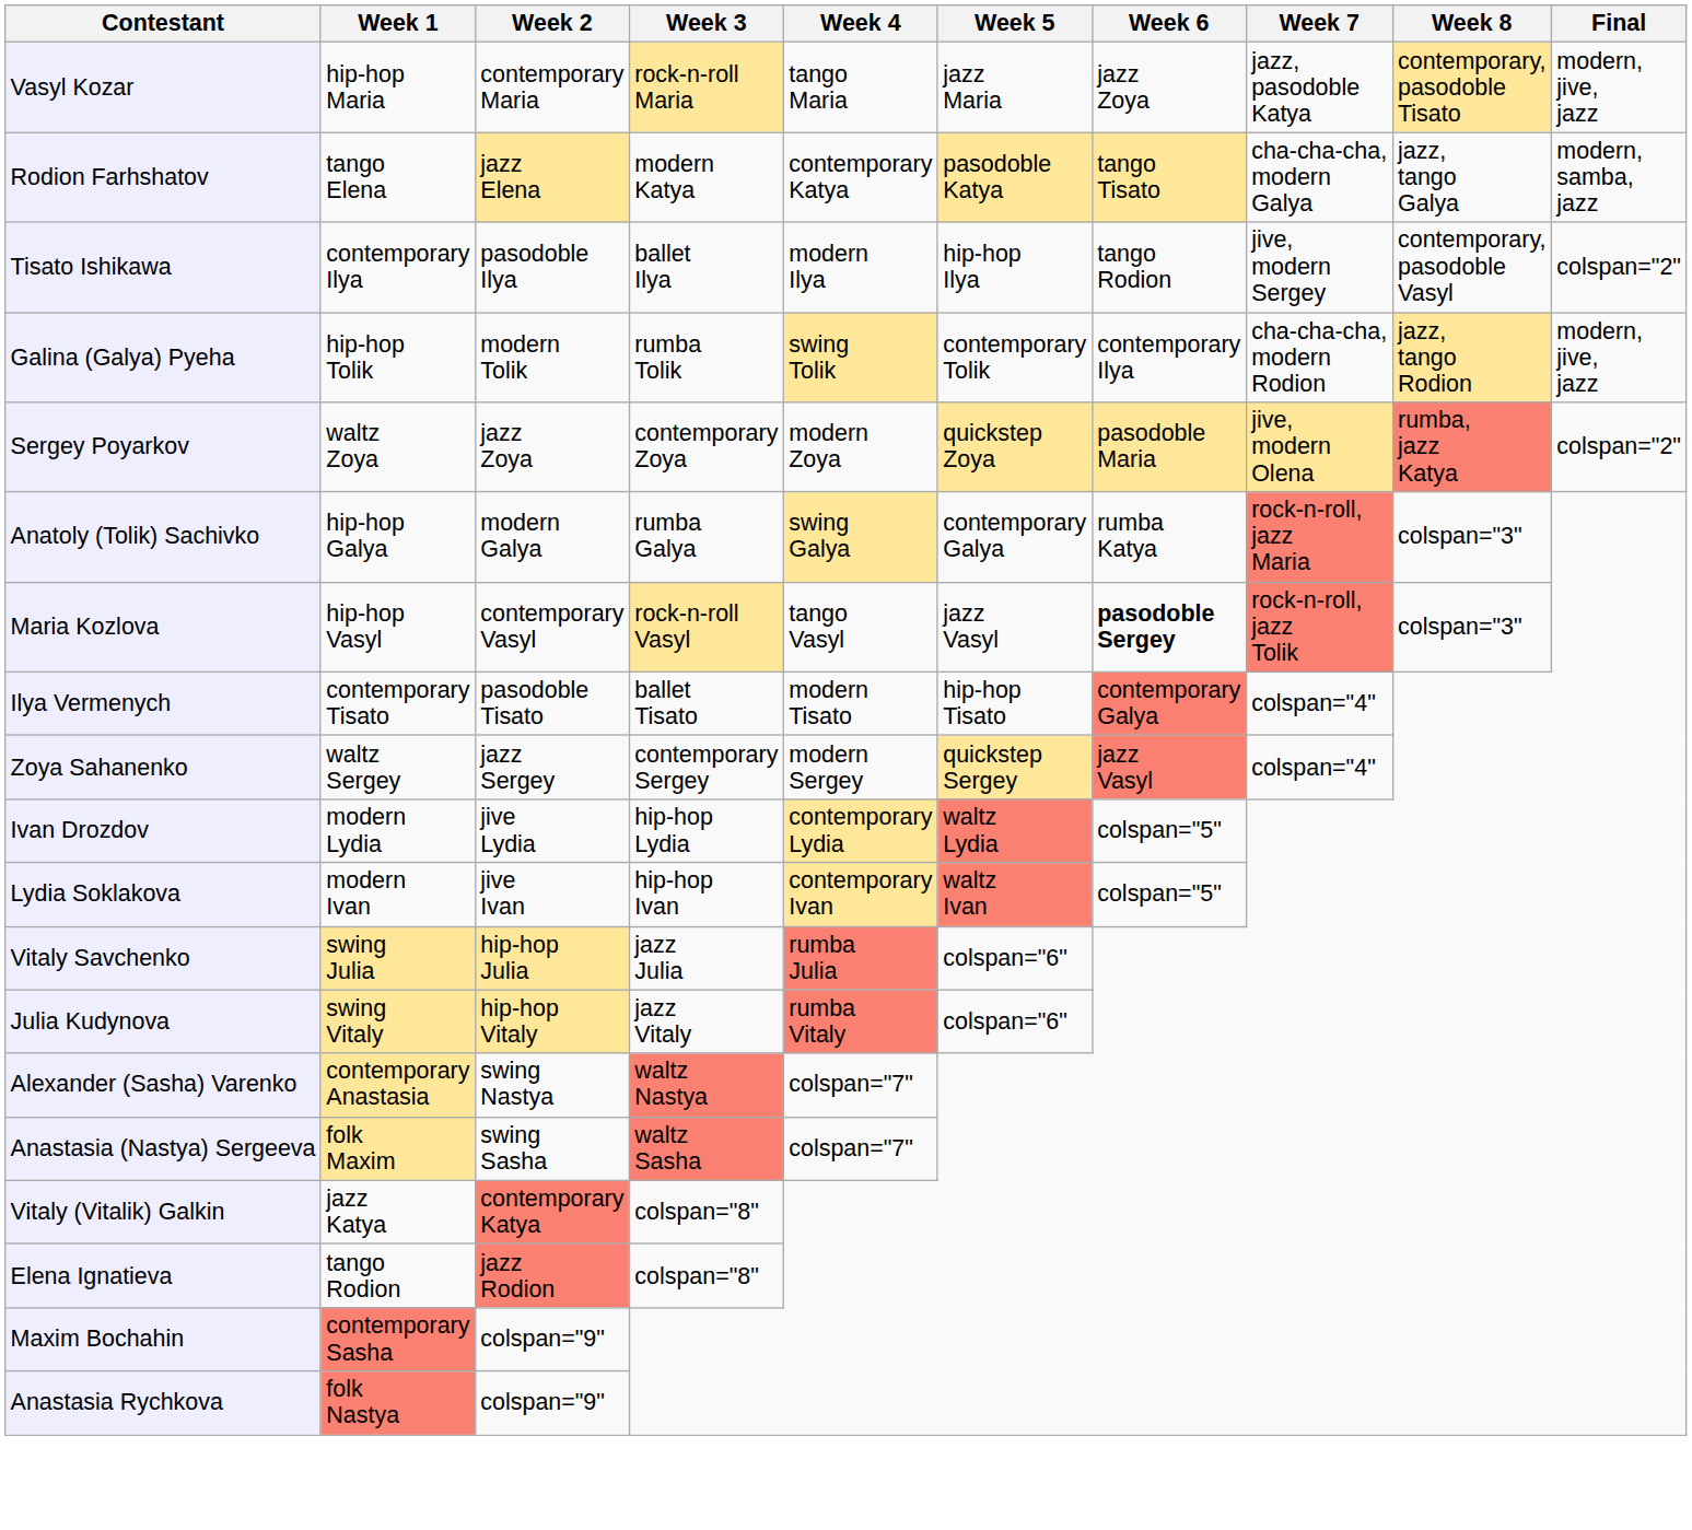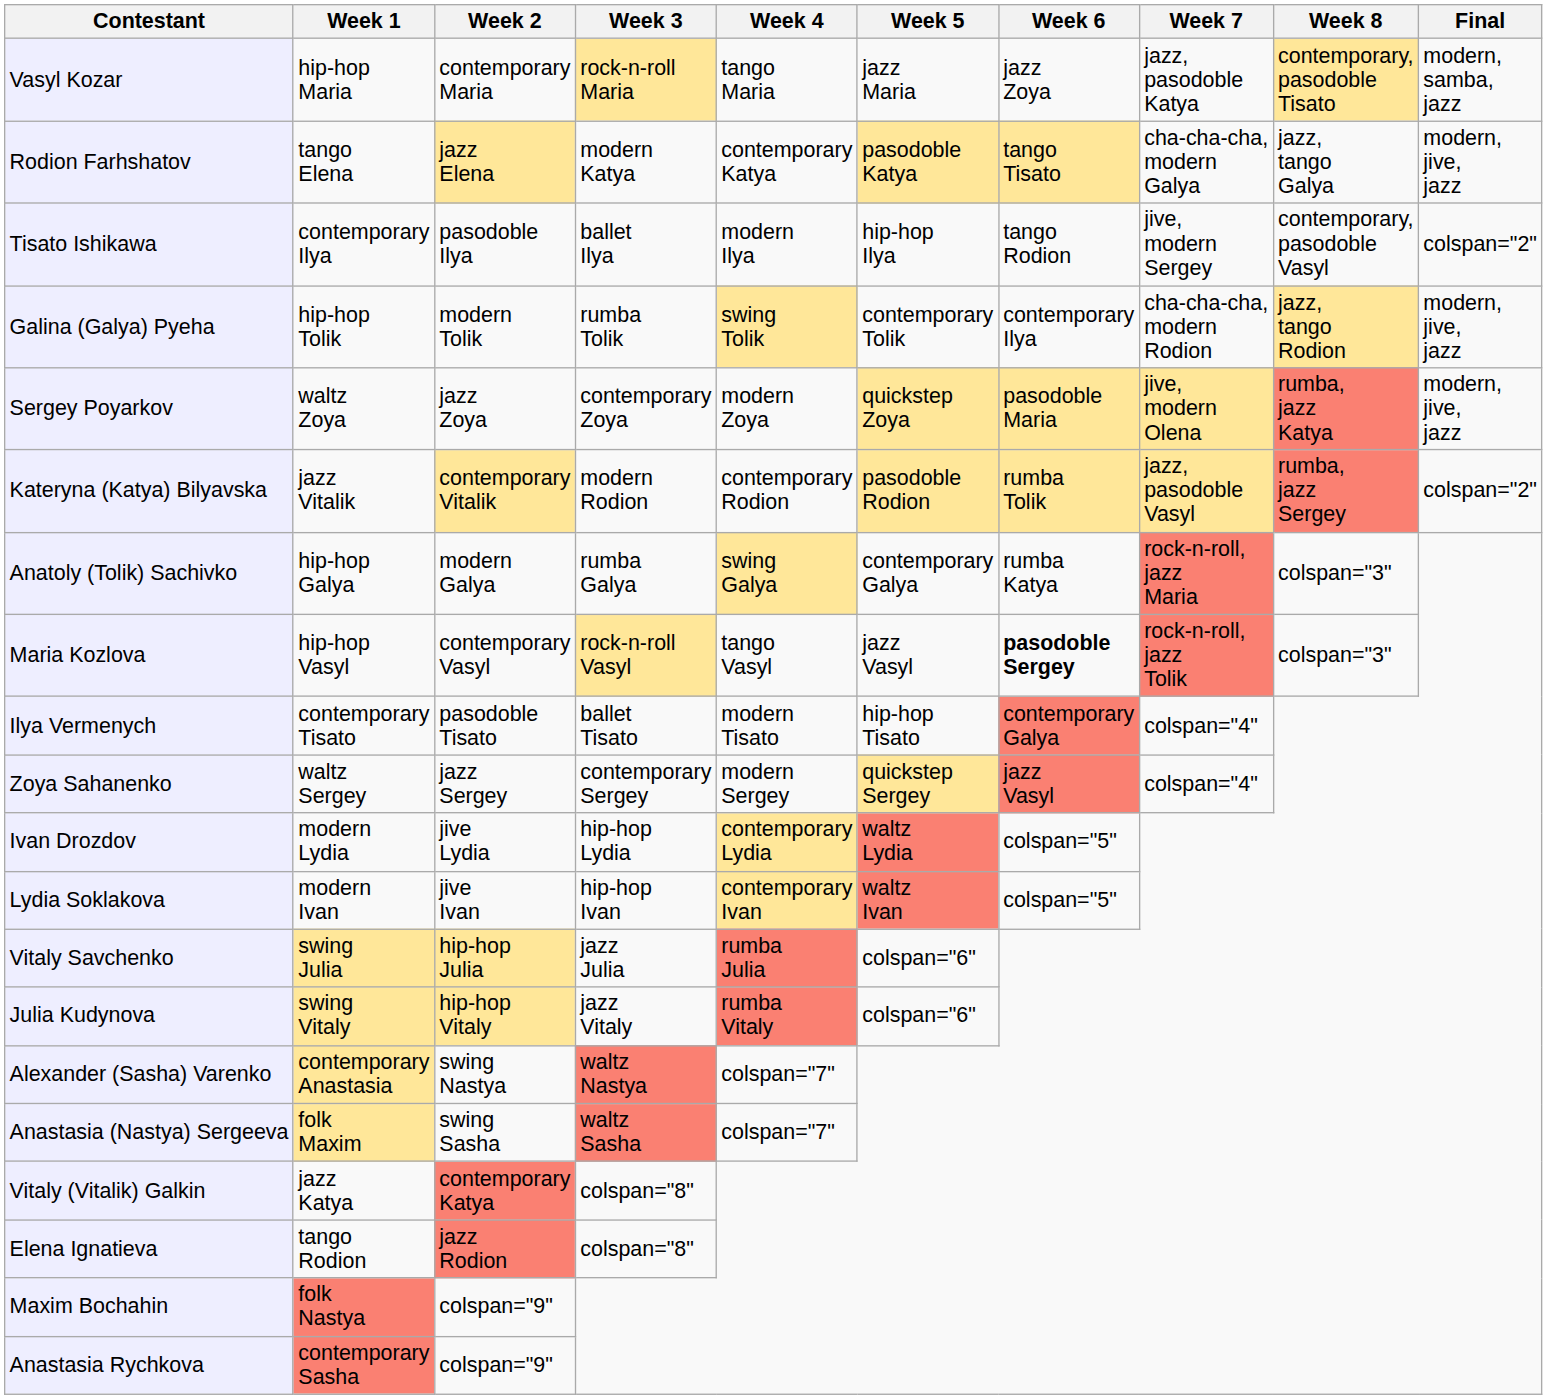 <table class="wikitable">
 <tr>
 <th>Contestant</th>
 <th>Week 1</th>
 <th>Week 2</th>
 <th>Week 3</th>
 <th>Week 4</th>
 <th>Week 5</th>
 <th>Week 6</th>
 <th>Week 7</th>
 <th>Week 8</th>
 <th>Final</th>
 </tr>
 <tr>
 <td bgcolor="#eeeeff">Vasyl Kozar</td>
 <td>hip-hop <br> Maria</td>
 <td>contemporary <br> Maria</td>
 <td bgcolor=#FFE799>rock-n-roll <br> Maria</td>
 <td>tango <br> Maria</td>
 <td>jazz <br> Maria</td>
 <td>jazz <br> Zoya</td>
 <td>jazz, <br> pasodoble <br> Katya</td>
 <td bgcolor=#FFE799>contemporary, <br> pasodoble <br> Tisato</td>
-<td>modern, <br> jive, <br> jazz</td>
+<td>modern, <br> samba, <br> jazz</td>
 </tr>
 <tr>
 <td bgcolor="#eeeeff">Rodion Farhshatov</td>
 <td>tango <br> Elena</td>
 <td bgcolor=#FFE799>jazz <br> Elena</td>
 <td>modern <br> Katya</td>
 <td>contemporary <br> Katya</td>
 <td bgcolor=#FFE799>pasodoble <br> Katya</td>
 <td bgcolor=#FFE799>tango <br> Tisato</td>
 <td>cha-cha-cha, <br> modern <br> Galya</td>
 <td>jazz, <br> tango <br> Galya</td>
-<td>modern, <br> samba, <br> jazz</td>
+<td>modern, <br> jive, <br> jazz</td>
 </tr>
 <tr>
 <td bgcolor="#eeeeff">Tisato Ishikawa</td>
 <td>contemporary <br> Ilya</td>
 <td>pasodoble <br> Ilya</td>
 <td>ballet <br> Ilya</td>
 <td>modern <br> Ilya</td>
 <td>hip-hop <br> Ilya</td>
 <td>tango <br> Rodion</td>
 <td>jive, <br> modern <br> Sergey</td>
 <td>contemporary, <br> pasodoble <br> Vasyl</td>
 <td>colspan="2" </td>
 </tr>
 <tr>
 <td bgcolor="#eeeeff">Galina (Galya) Pyeha</td>
 <td>hip-hop <br> Tolik</td>
 <td>modern <br> Tolik</td>
 <td>rumba <br> Tolik</td>
 <td bgcolor=#FFE799>swing <br> Tolik</td>
 <td>contemporary <br> Tolik</td>
 <td>contemporary <br> Ilya</td>
 <td>cha-cha-cha, <br> modern <br> Rodion</td>
 <td bgcolor=#FFE799>jazz, <br> tango <br> Rodion</td>
 <td>modern, <br> jive, <br> jazz</td>
 </tr>
 <tr>
 <td bgcolor="#eeeeff">Sergey Poyarkov</td>
 <td>waltz <br> Zoya</td>
 <td>jazz <br> Zoya</td>
 <td>contemporary <br> Zoya</td>
 <td>modern <br> Zoya</td>
 <td bgcolor=#FFE799>quickstep <br> Zoya</td>
 <td bgcolor=#FFE799>pasodoble <br> Maria</td>
 <td bgcolor=#FFE799>jive, <br> modern <br> Olena</td>
 <td bgcolor=#FA8072>rumba, <br> jazz <br> Katya</td>
+<td>modern, <br> jive, <br> jazz</td>
+</tr>
+<tr>
+<td bgcolor="#eeeeff">Kateryna (Katya) Bilyavska</td>
+<td>jazz <br> Vitalik</td>
+<td bgcolor=#FFE799>contemporary <br> Vitalik</td>
+<td>modern <br> Rodion</td>
+<td>contemporary <br> Rodion</td>
+<td bgcolor=#FFE799>pasodoble <br> Rodion</td>
+<td bgcolor=#FFE799>rumba <br> Tolik</td>
+<td bgcolor=#FFE799>jazz, <br> pasodoble <br> Vasyl</td>
+<td bgcolor=#FA8072>rumba, <br> jazz <br> Sergey</td>
 <td>colspan="2" </td>
 </tr>
 <tr>
 <td bgcolor="#eeeeff">Anatoly (Tolik) Sachivko</td>
 <td>hip-hop <br> Galya</td>
 <td>modern <br> Galya</td>
 <td>rumba <br> Galya</td>
 <td bgcolor=#FFE799>swing <br> Galya</td>
 <td>contemporary <br> Galya</td>
 <td>rumba <br> Katya</td>
 <td bgcolor=#FA8072>rock-n-roll, <br> jazz <br> Maria</td>
 <td>colspan="3" </td>
 </tr>
 <tr>
 <td bgcolor="#eeeeff">Maria Kozlova</td>
 <td>hip-hop <br> Vasyl</td>
 <td>contemporary <br> Vasyl</td>
 <td bgcolor=#FFE799>rock-n-roll <br> Vasyl</td>
 <td>tango <br> Vasyl</td>
 <td>jazz <br> Vasyl</td>
 <td><strong>pasodoble <br> Sergey</strong></td>
 <td bgcolor=#FA8072>rock-n-roll, <br> jazz <br> Tolik</td>
 <td>colspan="3" </td>
 </tr>
 <tr>
 <td bgcolor="#eeeeff">Ilya Vermenych</td>
 <td>contemporary <br> Tisato</td>
 <td>pasodoble <br> Tisato</td>
 <td>ballet <br> Tisato</td>
 <td>modern <br> Tisato</td>
 <td>hip-hop <br> Tisato</td>
 <td bgcolor=#FA8072>contemporary <br> Galya</td>
 <td>colspan="4" </td>
 </tr>
 <tr>
 <td bgcolor="#eeeeff">Zoya Sahanenko</td>
 <td>waltz <br> Sergey</td>
 <td>jazz <br> Sergey</td>
 <td>contemporary <br> Sergey</td>
 <td>modern <br> Sergey</td>
 <td bgcolor=#FFE799>quickstep <br> Sergey</td>
 <td bgcolor=#FA8072>jazz <br> Vasyl</td>
 <td>colspan="4" </td>
 </tr>
 <tr>
 <td bgcolor="#eeeeff">Ivan Drozdov</td>
 <td>modern <br> Lydia</td>
 <td>jive <br> Lydia</td>
 <td>hip-hop <br> Lydia</td>
 <td bgcolor=#FFE799>contemporary <br> Lydia</td>
 <td bgcolor=#FA8072>waltz <br> Lydia</td>
 <td>colspan="5" </td>
 </tr>
 <tr>
 <td bgcolor="#eeeeff">Lydia Soklakova</td>
 <td>modern <br> Ivan</td>
 <td>jive <br> Ivan</td>
 <td>hip-hop <br> Ivan</td>
 <td bgcolor=#FFE799>contemporary <br> Ivan</td>
 <td bgcolor=#FA8072>waltz <br> Ivan</td>
 <td>colspan="5" </td>
 </tr>
 <tr>
 <td bgcolor="#eeeeff">Vitaly Savchenko</td>
 <td bgcolor=#FFE799>swing <br> Julia</td>
 <td bgcolor=#FFE799>hip-hop <br> Julia</td>
 <td>jazz <br> Julia</td>
 <td bgcolor=#FA8072>rumba <br> Julia</td>
 <td>colspan="6" </td>
 </tr>
 <tr>
 <td bgcolor="#eeeeff">Julia Kudynova</td>
 <td bgcolor=#FFE799>swing <br> Vitaly</td>
 <td bgcolor=#FFE799>hip-hop <br> Vitaly</td>
 <td>jazz <br> Vitaly</td>
 <td bgcolor=#FA8072>rumba <br> Vitaly</td>
 <td>colspan="6" </td>
 </tr>
 <tr>
 <td bgcolor="#eeeeff">Alexander (Sasha) Varenko</td>
 <td bgcolor=#FFE799>contemporary <br> Anastasia</td>
 <td>swing <br> Nastya</td>
 <td bgcolor=#FA8072>waltz <br> Nastya</td>
 <td>colspan="7" </td>
 </tr>
 <tr>
 <td bgcolor="#eeeeff">Anastasia (Nastya) Sergeeva</td>
 <td bgcolor=#FFE799>folk <br> Maxim</td>
 <td>swing <br> Sasha</td>
 <td bgcolor=#FA8072>waltz <br> Sasha</td>
 <td>colspan="7" </td>
 </tr>
 <tr>
 <td bgcolor="#eeeeff">Vitaly (Vitalik) Galkin</td>
 <td>jazz <br> Katya</td>
 <td bgcolor=#FA8072>contemporary <br> Katya</td>
 <td>colspan="8" </td>
 </tr>
 <tr>
 <td bgcolor="#eeeeff">Elena Ignatieva</td>
 <td>tango <br> Rodion</td>
 <td bgcolor=#FA8072>jazz <br> Rodion</td>
 <td>colspan="8" </td>
 </tr>
 <tr>
 <td bgcolor="#eeeeff">Maxim Bochahin</td>
-<td bgcolor=#FA8072>contemporary <br> Sasha</td>
+<td bgcolor=#FA8072>folk <br> Nastya</td>
 <td>colspan="9" </td>
 </tr>
 <tr>
 <td bgcolor="#eeeeff">Anastasia Rychkova</td>
-<td bgcolor=#FA8072>folk <br> Nastya</td>
+<td bgcolor=#FA8072>contemporary <br> Sasha</td>
 <td>colspan="9" </td>
 </tr>
 </table>
